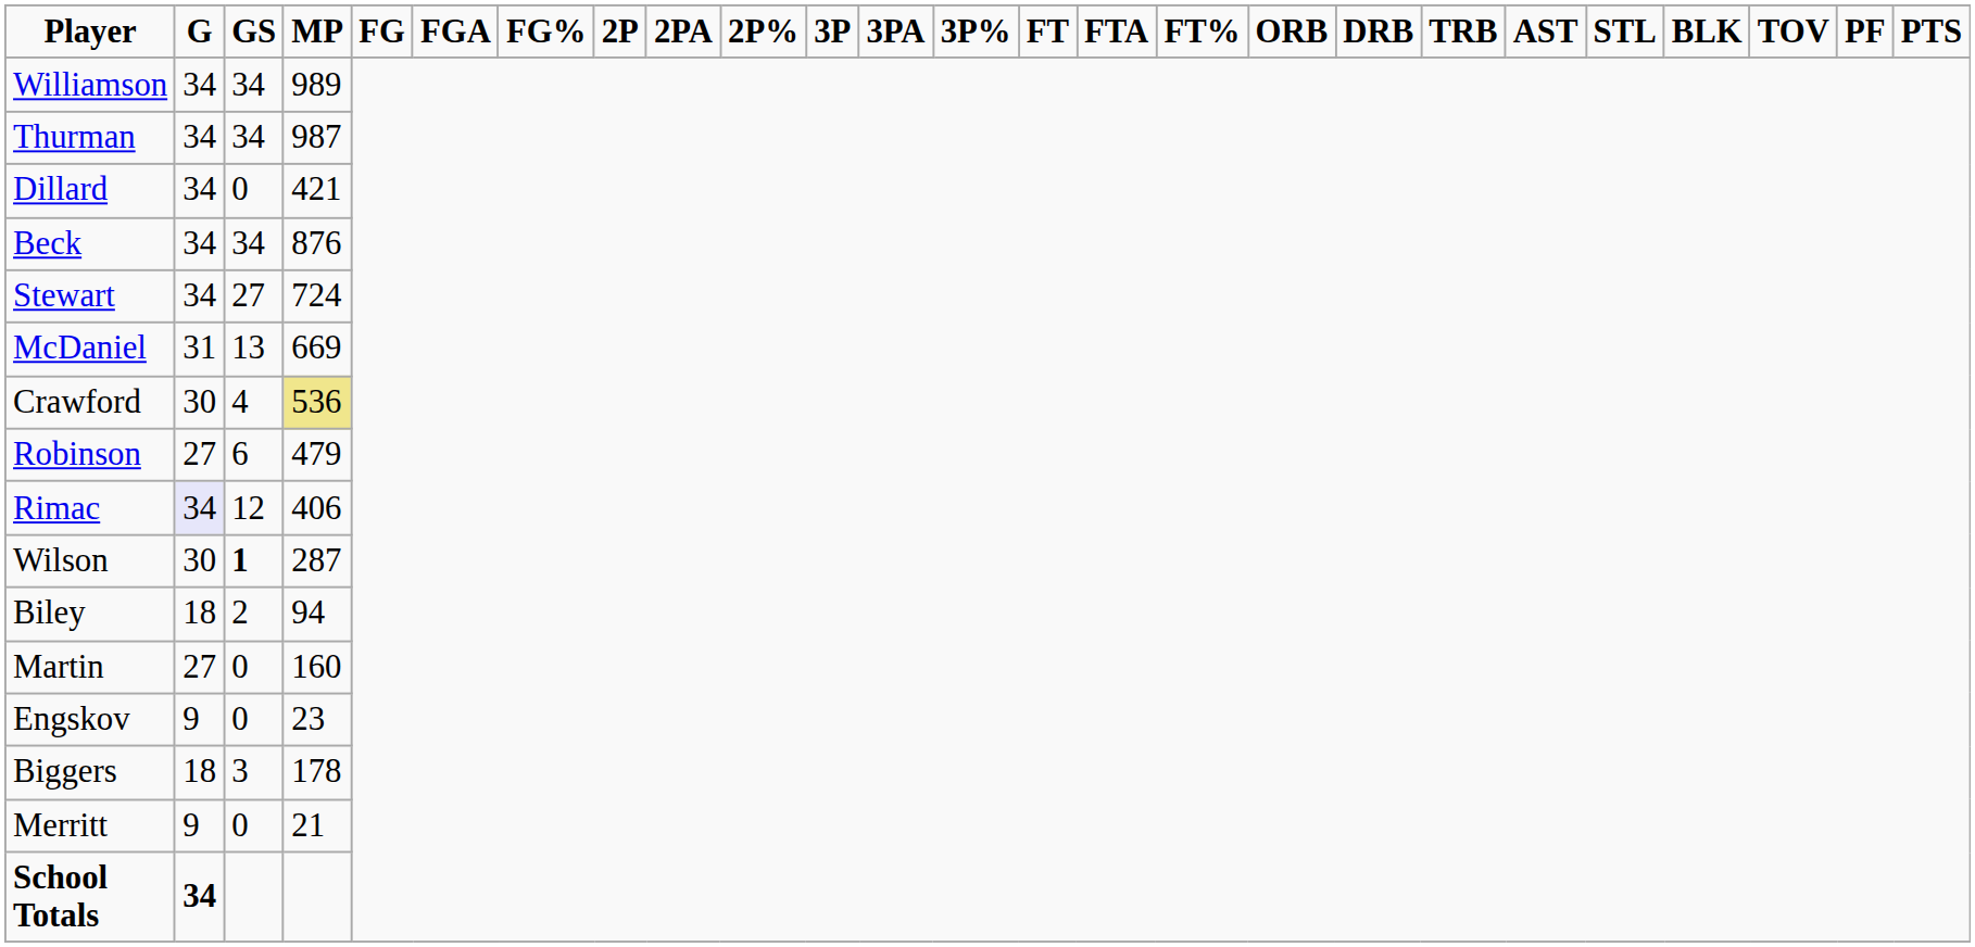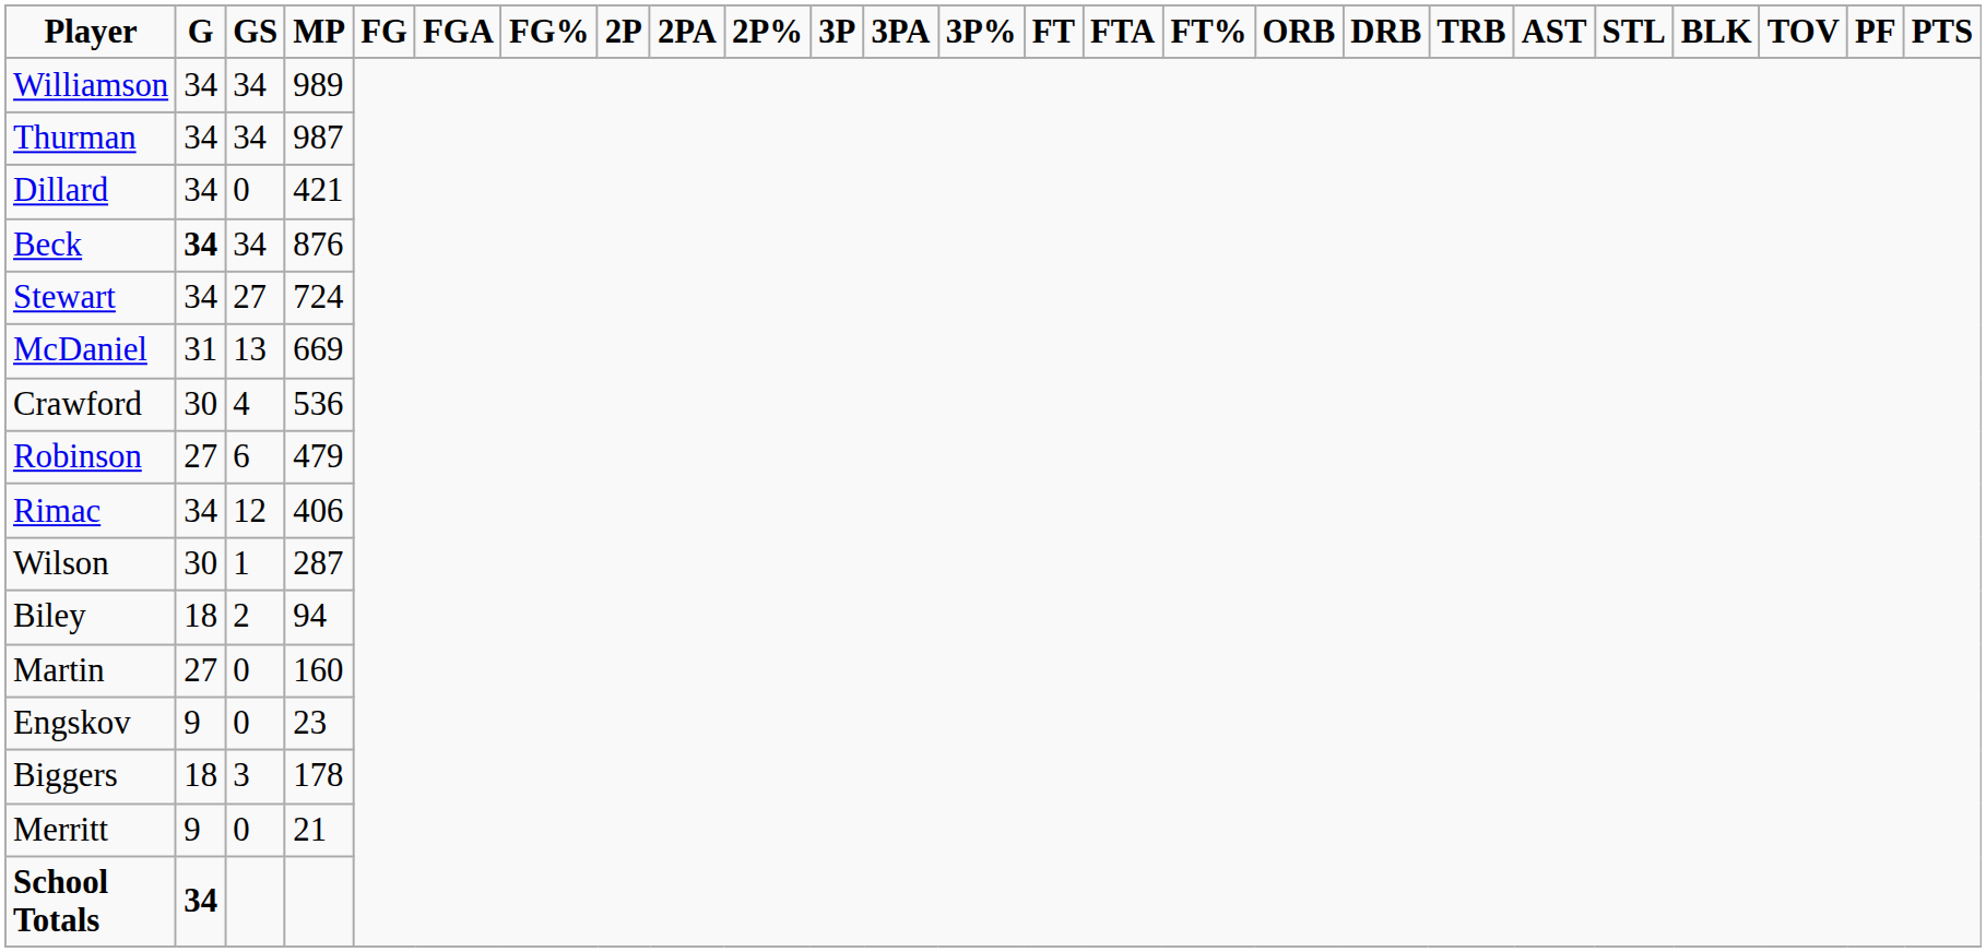 <table class="wikitable sortable">
 <tr align="center">
 <td><strong>Player</strong></td>
 <td><strong>G</strong></td>
 <td><strong>GS</strong></td>
 <td><strong>MP</strong></td>
 <td><strong>FG</strong></td>
 <td><strong>FGA</strong></td>
 <td><strong>FG%</strong></td>
 <td><strong>2P</strong></td>
 <td><strong>2PA</strong></td>
 <td><strong>2P%</strong></td>
 <td><strong>3P</strong></td>
 <td><strong>3PA</strong></td>
 <td><strong>3P%</strong></td>
 <td><strong>FT</strong></td>
 <td><strong>FTA</strong></td>
 <td><strong>FT%</strong></td>
 <td><strong>ORB</strong></td>
 <td><strong>DRB</strong></td>
 <td><strong>TRB</strong></td>
 <td><strong>AST</strong></td>
 <td><strong>STL</strong></td>
 <td><strong>BLK</strong></td>
 <td><strong>TOV</strong></td>
 <td><strong>PF</strong></td>
 <td><strong>PTS</strong></td>
 </tr>
 <tr>
 <td><a href='#'>Williamson</a></td>
 <td>34</td>
 <td>34</td>
 <td>989</td>
 </tr>
 <tr>
 <td><a href='#'>Thurman</a></td>
 <td>34</td>
 <td>34</td>
 <td>987</td>
 </tr>
 <tr>
 <td><a href='#'>Dillard</a></td>
 <td>34</td>
 <td>0</td>
 <td>421</td>
 </tr>
 <tr>
 <td><a href='#'>Beck</a></td>
-<td>34</td>
+<td><strong>34</strong></td>
 <td>34</td>
 <td>876</td>
 </tr>
 <tr>
 <td><a href='#'>Stewart</a></td>
 <td>34</td>
 <td>27</td>
 <td>724</td>
 </tr>
 <tr>
 <td><a href='#'>McDaniel</a></td>
 <td>31</td>
 <td>13</td>
 <td>669</td>
 </tr>
 <tr>
 <td>Crawford</td>
 <td>30</td>
 <td>4</td>
-<td style="background: khaki;">536</td>
+<td>536</td>
 </tr>
 <tr>
 <td><a href='#'>Robinson</a></td>
 <td>27</td>
 <td>6</td>
 <td>479</td>
 </tr>
 <tr>
 <td><a href='#'>Rimac</a></td>
-<td style="background: lavender;">34</td>
+<td>34</td>
 <td>12</td>
 <td>406</td>
 </tr>
 <tr>
 <td>Wilson</td>
 <td>30</td>
-<td><strong>1</strong></td>
+<td>1</td>
 <td>287</td>
 </tr>
 <tr>
 <td>Biley</td>
 <td>18</td>
 <td>2</td>
 <td>94</td>
 </tr>
 <tr>
 <td>Martin</td>
 <td>27</td>
 <td>0</td>
 <td>160</td>
 </tr>
 <tr>
 <td>Engskov</td>
 <td>9</td>
 <td>0</td>
 <td>23</td>
 </tr>
 <tr>
 <td>Biggers</td>
 <td>18</td>
 <td>3</td>
 <td>178</td>
 </tr>
 <tr>
 <td>Merritt</td>
 <td>9</td>
 <td>0</td>
 <td>21</td>
 </tr>
 <tr>
 <td><strong>School Totals</strong></td>
 <td><strong>34</strong></td>
 <td></td>
 <td></td>
 </tr>
 </table>
